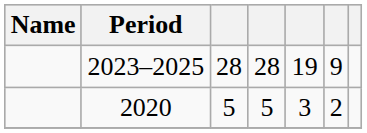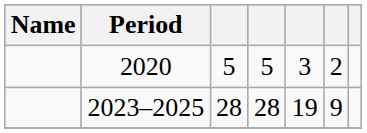 <table class="wikitable sortable" style="text-align:center">
 <tr>
 <th scope="col">Name</th>
 <th scope="col">Period</th>
 <th scope="col"></th>
 <th scope="col"></th>
 <th scope="col"></th>
 <th scope="col"></th>
 <th scope="col"></th>
 </tr>
 <tr>
 <td></td>
+<td>2020</td>
+<td>5</td>
+<td>5</td>
+<td>3</td>
+<td>2</td>
+<td></td>
+</tr>
+<tr>
+<td></td>
 <td>2023–2025</td>
 <td>28</td>
 <td>28</td>
 <td>19</td>
 <td>9</td>
 <td></td>
 </tr>
 <tr>
-<td></td>
-<td>2020</td>
-<td>5</td>
-<td>5</td>
-<td>3</td>
-<td>2</td>
-<td></td>
-</tr>
-<tr>
 </tr>
 </table>
